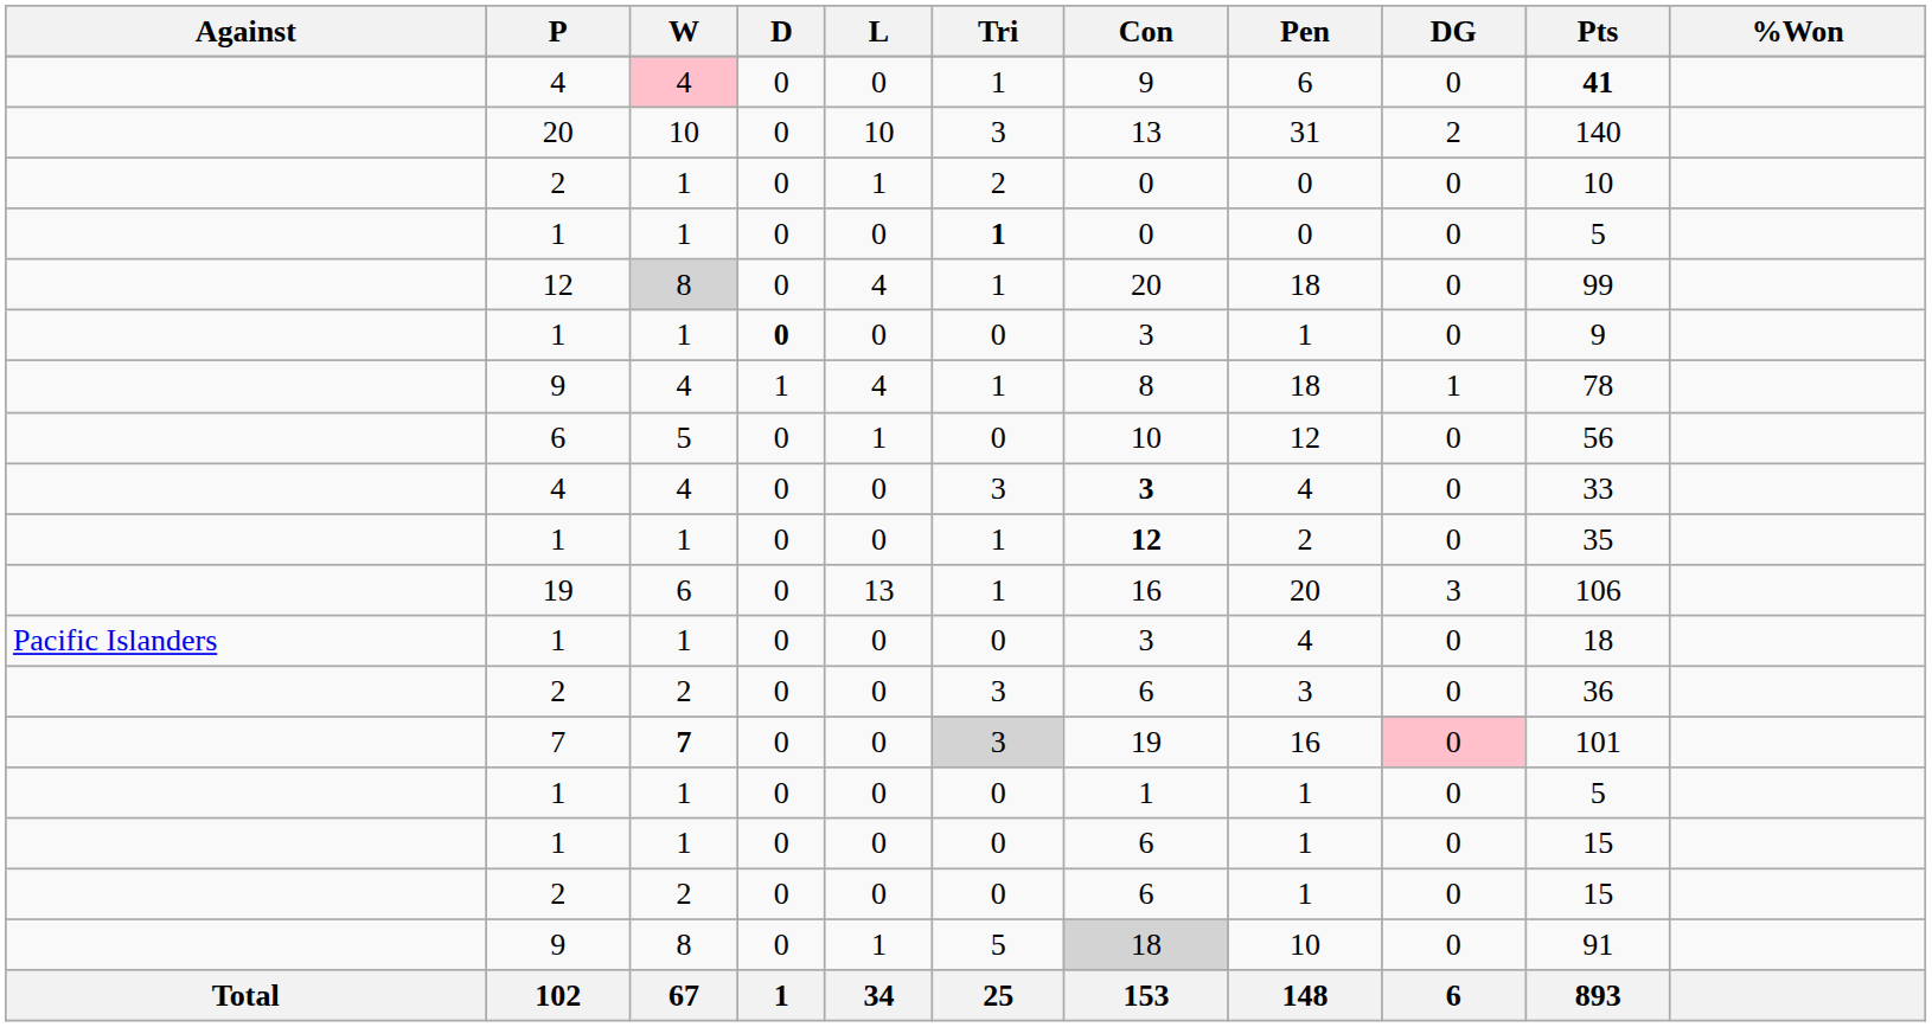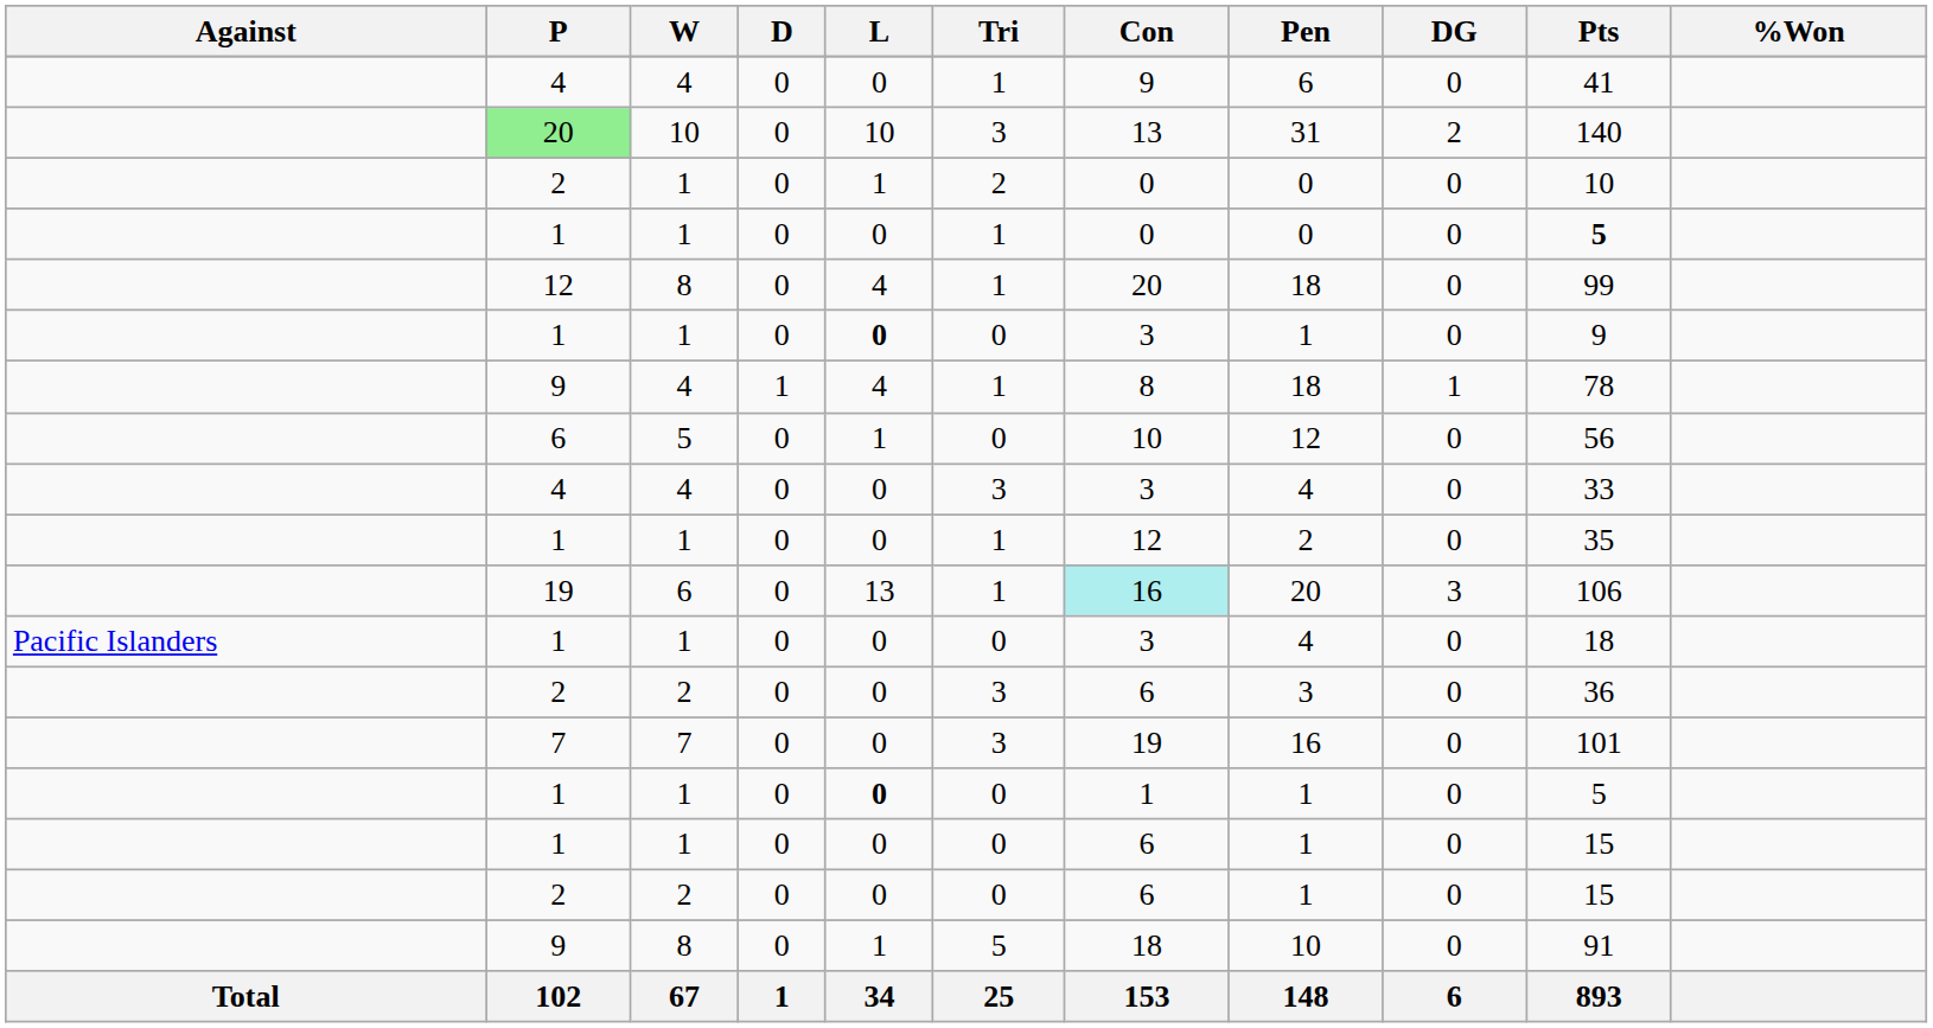 <table class="wikitable sortable"  style="text-align:center; font-size:95%; width:75%;">
 <tr>
 <th style="width:25%;">Against</th>
 <th abbr="Played" style="width:15px;">P</th>
 <th abbr="Won" style="width:10px;">W</th>
 <th abbr="Drawn" style="width:10px;">D</th>
 <th abbr="Lost" style="width:10px;">L</th>
 <th abbr="Tries" style="width:15px;">Tri</th>
 <th abbr="Conversions" style="width:15px;">Con</th>
 <th abbr="Penalties" style="width:15px;">Pen</th>
 <th abbr="Drop goals" style="width:15px;">DG</th>
 <th abbr="Points" style="width:18px;">Pts</th>
 <th abbr="Won" style="width:18px;">%Won</th>
 </tr>
 <tr bgcolor="#d0ffd0" align="center">
 </tr>
 <tr>
 <td align="left"></td>
 <td>4</td>
-<td style="background: pink;">4</td>
+<td>4</td>
 <td>0</td>
 <td>0</td>
 <td>1</td>
 <td>9</td>
 <td>6</td>
 <td>0</td>
-<td><strong>41</strong></td>
+<td>41</td>
 <td></td>
 </tr>
 <tr>
 <td align="left"></td>
-<td>20</td>
+<td style="background: lightgreen;">20</td>
 <td>10</td>
 <td>0</td>
 <td>10</td>
 <td>3</td>
 <td>13</td>
 <td>31</td>
 <td>2</td>
 <td>140</td>
 <td></td>
 </tr>
 <tr>
 <td align="left"></td>
 <td>2</td>
 <td>1</td>
 <td>0</td>
 <td>1</td>
 <td>2</td>
 <td>0</td>
 <td>0</td>
 <td>0</td>
 <td>10</td>
 <td></td>
 </tr>
 <tr>
 <td align="left"></td>
 <td>1</td>
 <td>1</td>
 <td>0</td>
 <td>0</td>
-<td><strong>1</strong></td>
+<td>1</td>
 <td>0</td>
 <td>0</td>
 <td>0</td>
-<td>5</td>
+<td><strong>5</strong></td>
 <td></td>
 </tr>
 <tr>
 <td align="left"></td>
 <td>12</td>
-<td style="background: lightgrey;">8</td>
+<td>8</td>
 <td>0</td>
 <td>4</td>
 <td>1</td>
 <td>20</td>
 <td>18</td>
 <td>0</td>
 <td>99</td>
 <td></td>
 </tr>
 <tr>
 <td align="left"></td>
 <td>1</td>
 <td>1</td>
+<td>0</td>
 <td><strong>0</strong></td>
-<td>0</td>
 <td>0</td>
 <td>3</td>
 <td>1</td>
 <td>0</td>
 <td>9</td>
 <td></td>
 </tr>
 <tr>
 <td align="left"></td>
 <td>9</td>
 <td>4</td>
 <td>1</td>
 <td>4</td>
 <td>1</td>
 <td>8</td>
 <td>18</td>
 <td>1</td>
 <td>78</td>
 <td></td>
 </tr>
 <tr>
 <td align="left"></td>
 <td>6</td>
 <td>5</td>
 <td>0</td>
 <td>1</td>
 <td>0</td>
 <td>10</td>
 <td>12</td>
 <td>0</td>
 <td>56</td>
 <td></td>
 </tr>
 <tr>
 <td align="left"></td>
 <td>4</td>
 <td>4</td>
 <td>0</td>
 <td>0</td>
 <td>3</td>
-<td><strong>3</strong></td>
+<td>3</td>
 <td>4</td>
 <td>0</td>
 <td>33</td>
 <td></td>
 </tr>
 <tr>
 <td align="left"></td>
 <td>1</td>
 <td>1</td>
 <td>0</td>
 <td>0</td>
 <td>1</td>
-<td><strong>12</strong></td>
+<td>12</td>
 <td>2</td>
 <td>0</td>
 <td>35</td>
 <td></td>
 </tr>
 <tr>
 <td align="left"></td>
 <td>19</td>
 <td>6</td>
 <td>0</td>
 <td>13</td>
 <td>1</td>
-<td>16</td>
+<td style="background: paleturquoise;">16</td>
 <td>20</td>
 <td>3</td>
 <td>106</td>
 <td></td>
 </tr>
 <tr>
 <td align="left"> <a href='#'>Pacific Islanders</a></td>
 <td>1</td>
 <td>1</td>
 <td>0</td>
 <td>0</td>
 <td>0</td>
 <td>3</td>
 <td>4</td>
 <td>0</td>
 <td>18</td>
 <td></td>
 </tr>
 <tr>
 <td align="left"></td>
 <td>2</td>
 <td>2</td>
 <td>0</td>
 <td>0</td>
 <td>3</td>
 <td>6</td>
 <td>3</td>
 <td>0</td>
 <td>36</td>
 <td></td>
 </tr>
 <tr>
 <td align="left"></td>
 <td>7</td>
-<td><strong>7</strong></td>
+<td>7</td>
 <td>0</td>
 <td>0</td>
-<td style="background: lightgrey;">3</td>
+<td>3</td>
 <td>19</td>
 <td>16</td>
-<td style="background: pink;">0</td>
+<td>0</td>
 <td>101</td>
 <td></td>
 </tr>
 <tr>
 <td align="left"></td>
 <td>1</td>
 <td>1</td>
 <td>0</td>
-<td>0</td>
+<td><strong>0</strong></td>
 <td>0</td>
 <td>1</td>
 <td>1</td>
 <td>0</td>
 <td>5</td>
 <td></td>
 </tr>
 <tr>
 <td align="left"></td>
 <td>1</td>
 <td>1</td>
 <td>0</td>
 <td>0</td>
 <td>0</td>
 <td>6</td>
 <td>1</td>
 <td>0</td>
 <td>15</td>
 <td></td>
 </tr>
 <tr>
 <td align="left"></td>
 <td>2</td>
 <td>2</td>
 <td>0</td>
 <td>0</td>
 <td>0</td>
 <td>6</td>
 <td>1</td>
 <td>0</td>
 <td>15</td>
 <td></td>
 </tr>
 <tr>
 <td align="left"></td>
 <td>9</td>
 <td>8</td>
 <td>0</td>
 <td>1</td>
 <td>5</td>
-<td style="background: lightgrey;">18</td>
+<td>18</td>
 <td>10</td>
 <td>0</td>
 <td>91</td>
 <td></td>
 </tr>
 <tr>
 <th align="left">Total</th>
 <th>102</th>
 <th>67</th>
 <th>1</th>
 <th>34</th>
 <th>25</th>
 <th>153</th>
 <th>148</th>
 <th>6</th>
 <th>893</th>
 <th></th>
 </tr>
 </table>
